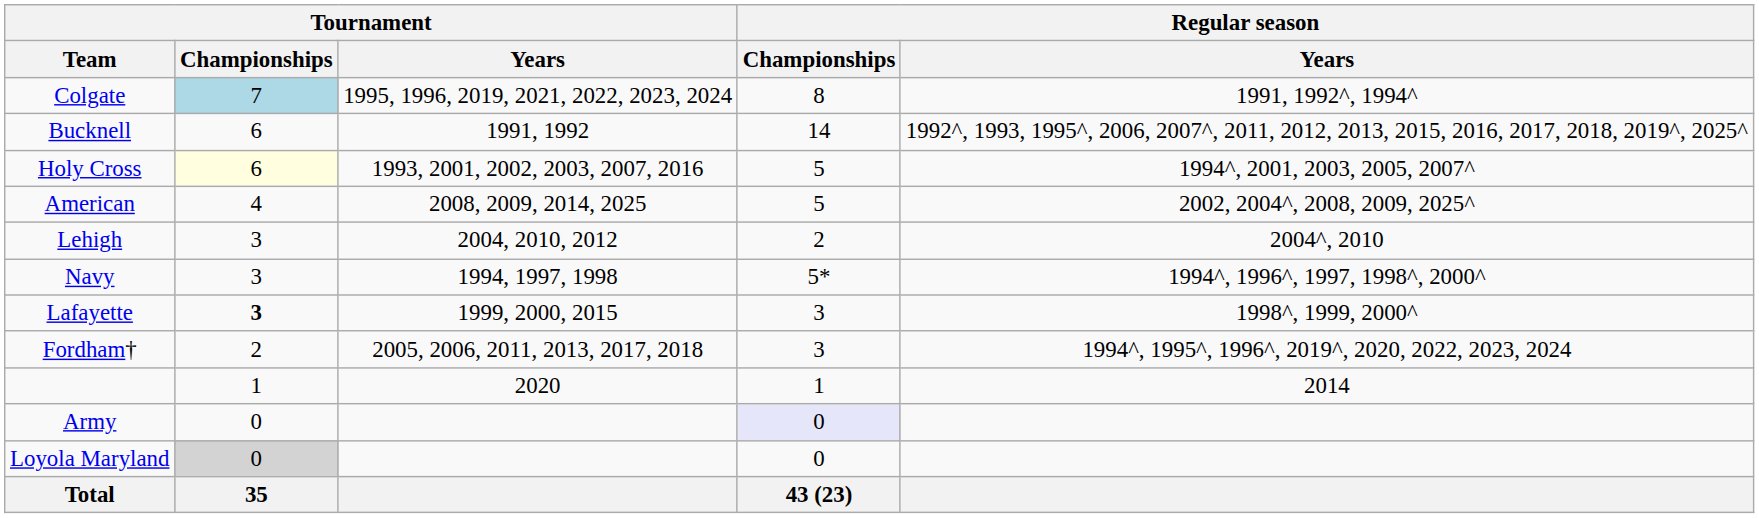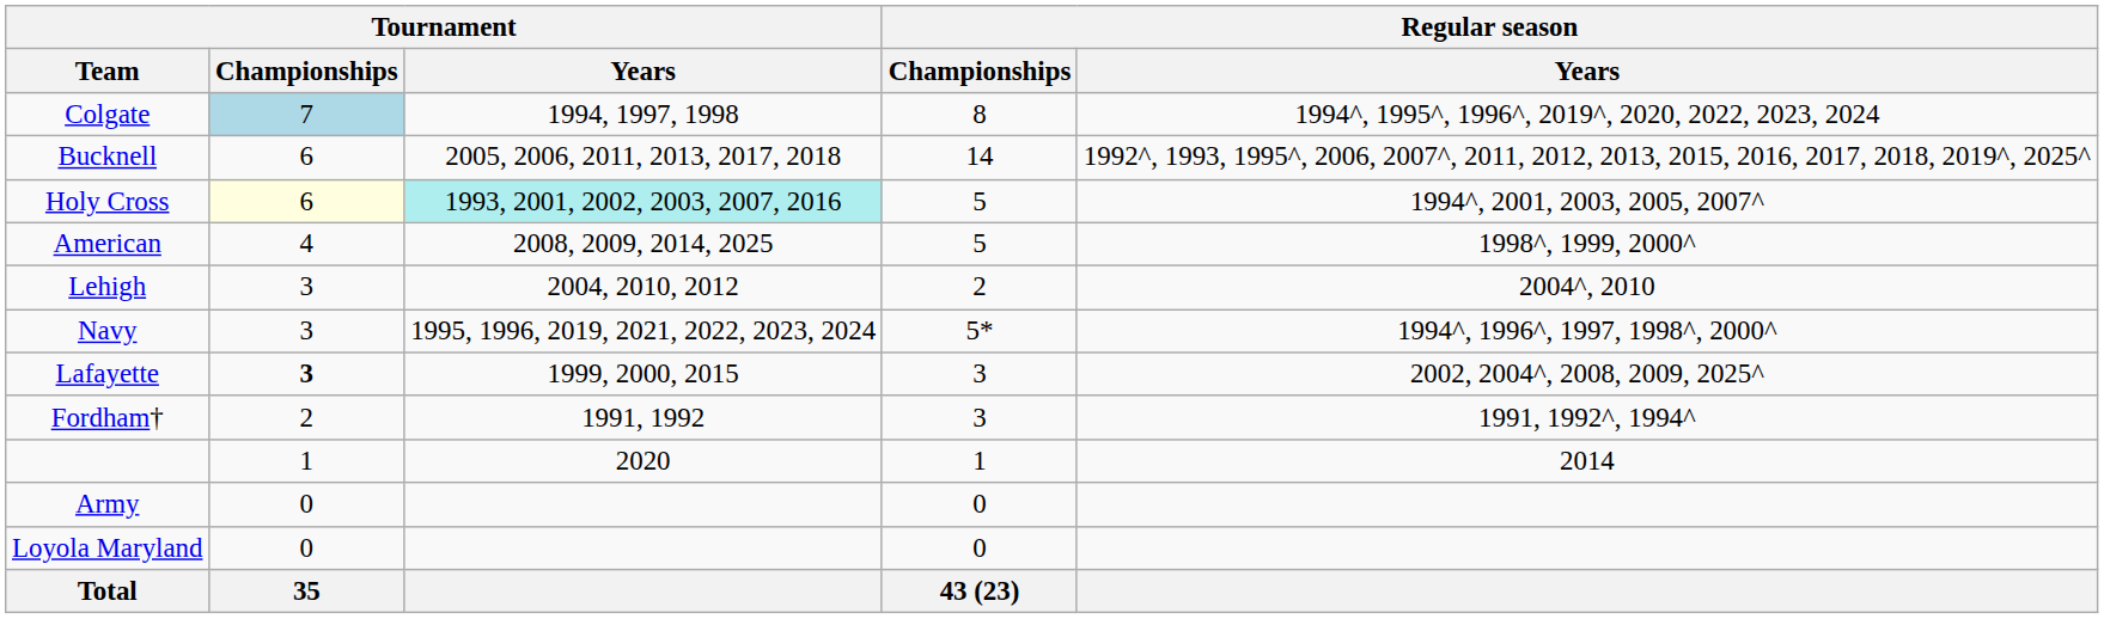 <table class="wikitable sortable" style="text-align:center">
 <tr>
 <th colspan=3>Tournament</th>
 <th colspan=3>Regular season</th>
 </tr>
 <tr>
 <th width=px>Team</th>
 <th width=px>Championships</th>
 <th width=px>Years</th>
 <th width=px>Championships</th>
 <th width=px>Years</th>
 </tr>
 <tr>
 <td><a href='#'>Colgate</a></td>
 <td align=center style="background: lightblue;">7</td>
-<td>1995, 1996, 2019, 2021, 2022, 2023, 2024</td>
+<td>1994, 1997, 1998</td>
 <td align=center>8</td>
-<td>1991, 1992^, 1994^</td>
+<td>1994^, 1995^, 1996^, 2019^, 2020, 2022, 2023, 2024</td>
 </tr>
 <tr>
 <td><a href='#'>Bucknell</a></td>
 <td align="center">6</td>
-<td>1991, 1992</td>
+<td>2005, 2006, 2011, 2013, 2017, 2018</td>
 <td align="center">14</td>
 <td>1992^, 1993, 1995^, 2006, 2007^, 2011, 2012, 2013, 2015, 2016, 2017, 2018, 2019^, 2025^</td>
 </tr>
 <tr>
 <td><a href='#'>Holy Cross</a></td>
 <td align=center style="background: lightyellow;">6</td>
-<td>1993, 2001, 2002, 2003, 2007, 2016</td>
+<td style="background: paleturquoise;">1993, 2001, 2002, 2003, 2007, 2016</td>
 <td align=center>5</td>
 <td>1994^, 2001, 2003, 2005, 2007^</td>
 </tr>
 <tr>
 <td><a href='#'>American</a></td>
 <td align=center>4</td>
 <td>2008, 2009, 2014, 2025</td>
 <td align=center>5</td>
-<td>2002, 2004^, 2008, 2009, 2025^</td>
+<td>1998^, 1999, 2000^</td>
 </tr>
 <tr>
 <td><a href='#'>Lehigh</a></td>
 <td align=center>3</td>
 <td>2004, 2010, 2012</td>
 <td align=center>2</td>
 <td>2004^, 2010</td>
 </tr>
 <tr>
 <td><a href='#'>Navy</a></td>
 <td align=center>3</td>
-<td>1994, 1997, 1998</td>
+<td>1995, 1996, 2019, 2021, 2022, 2023, 2024</td>
 <td align=center>5*</td>
 <td>1994^, 1996^, 1997, 1998^, 2000^</td>
 </tr>
 <tr>
 <td><a href='#'>Lafayette</a></td>
 <td align=center><strong>3</strong></td>
 <td>1999, 2000, 2015</td>
 <td align=center>3</td>
-<td>1998^, 1999, 2000^</td>
+<td>2002, 2004^, 2008, 2009, 2025^</td>
 </tr>
 <tr>
 <td><a href='#'>Fordham</a>†</td>
 <td align=center>2</td>
-<td>2005, 2006, 2011, 2013, 2017, 2018</td>
+<td>1991, 1992</td>
 <td align=center>3</td>
-<td>1994^, 1995^, 1996^, 2019^, 2020, 2022, 2023, 2024</td>
+<td>1991, 1992^, 1994^</td>
 </tr>
 <tr>
 <td></td>
 <td align=center>1</td>
 <td>2020</td>
 <td align=center>1</td>
 <td>2014</td>
 </tr>
 <tr>
 <td><a href='#'>Army</a></td>
 <td align="center">0</td>
 <td></td>
-<td align=center style="background: lavender;">0</td>
+<td align=center>0</td>
 <td></td>
 </tr>
 <tr>
 <td><a href='#'>Loyola Maryland</a></td>
-<td align=center style="background: lightgrey;">0</td>
+<td align=center>0</td>
 <td></td>
 <td align=center>0</td>
 <td></td>
 </tr>
 <tr>
 <th>Total</th>
 <th>35</th>
 <th></th>
 <th>43 (23)</th>
 <th></th>
 </tr>
 </table>
